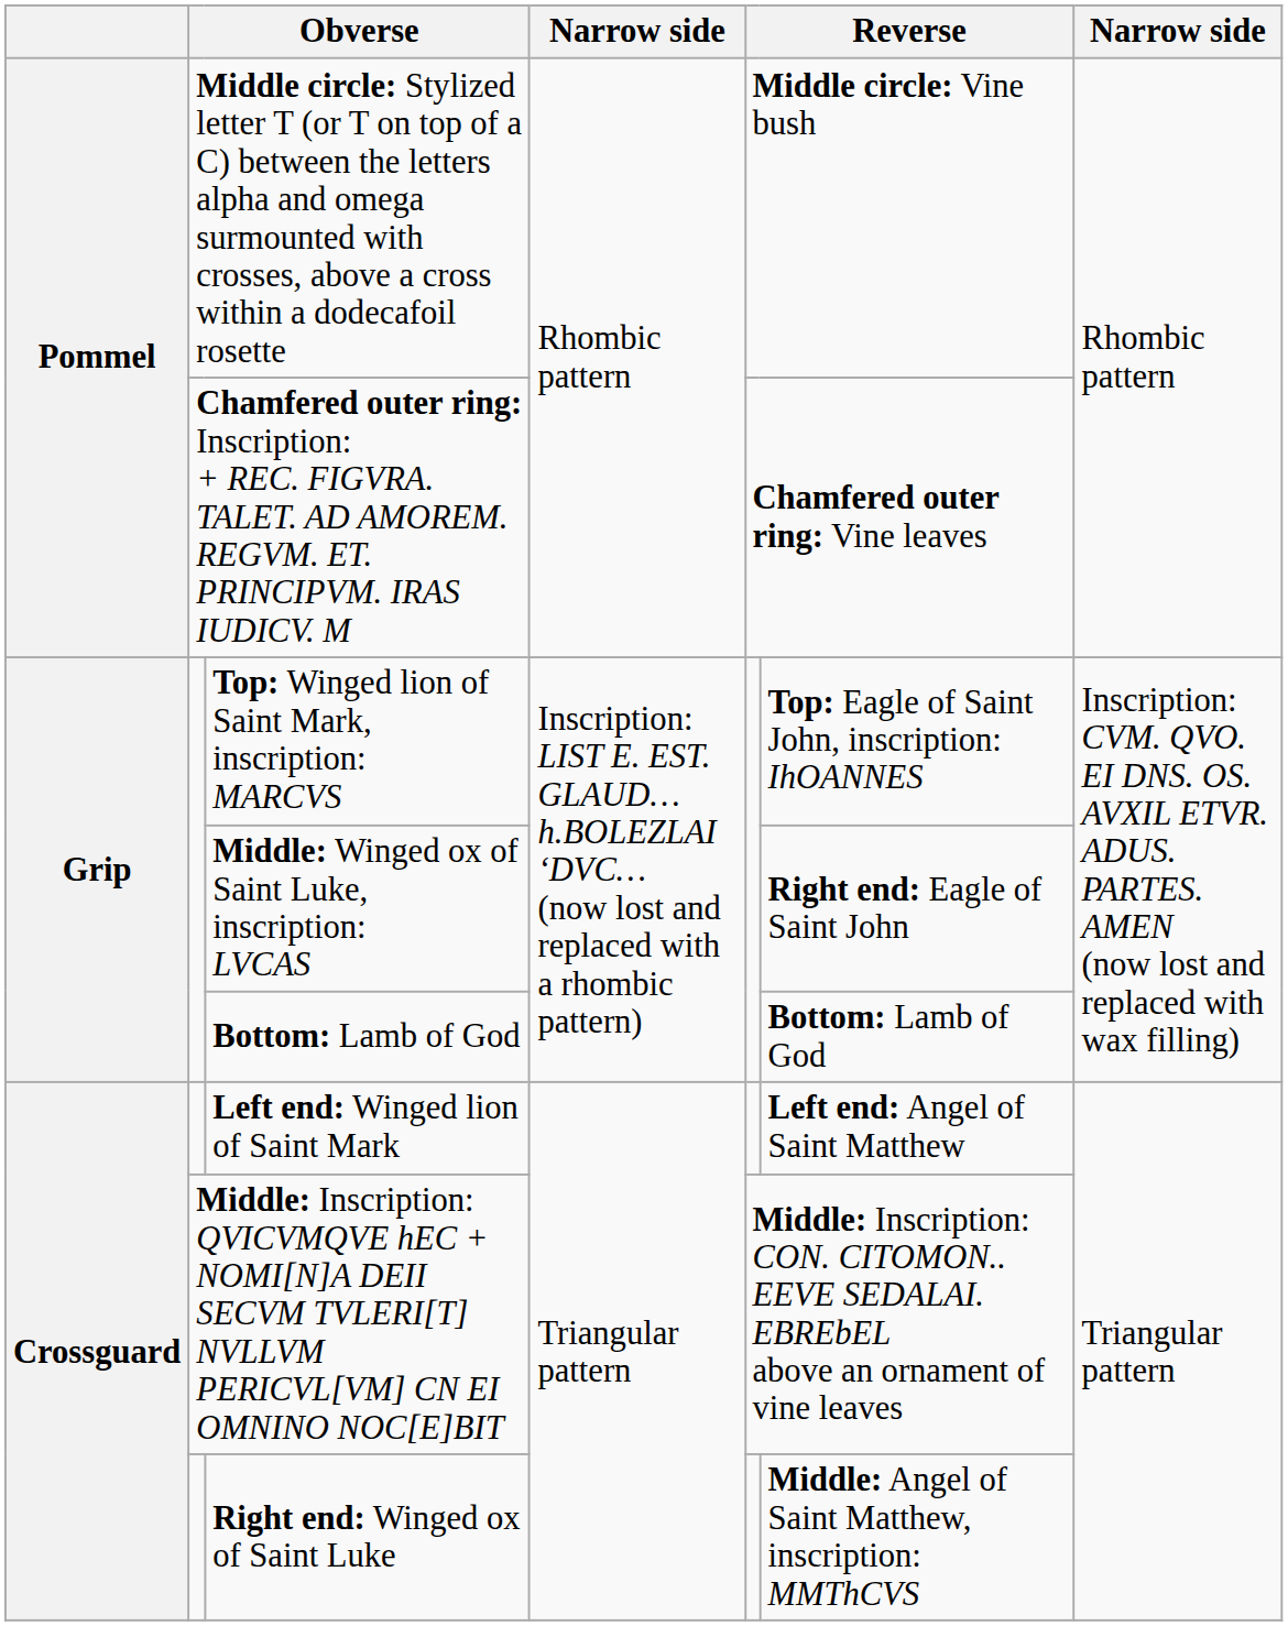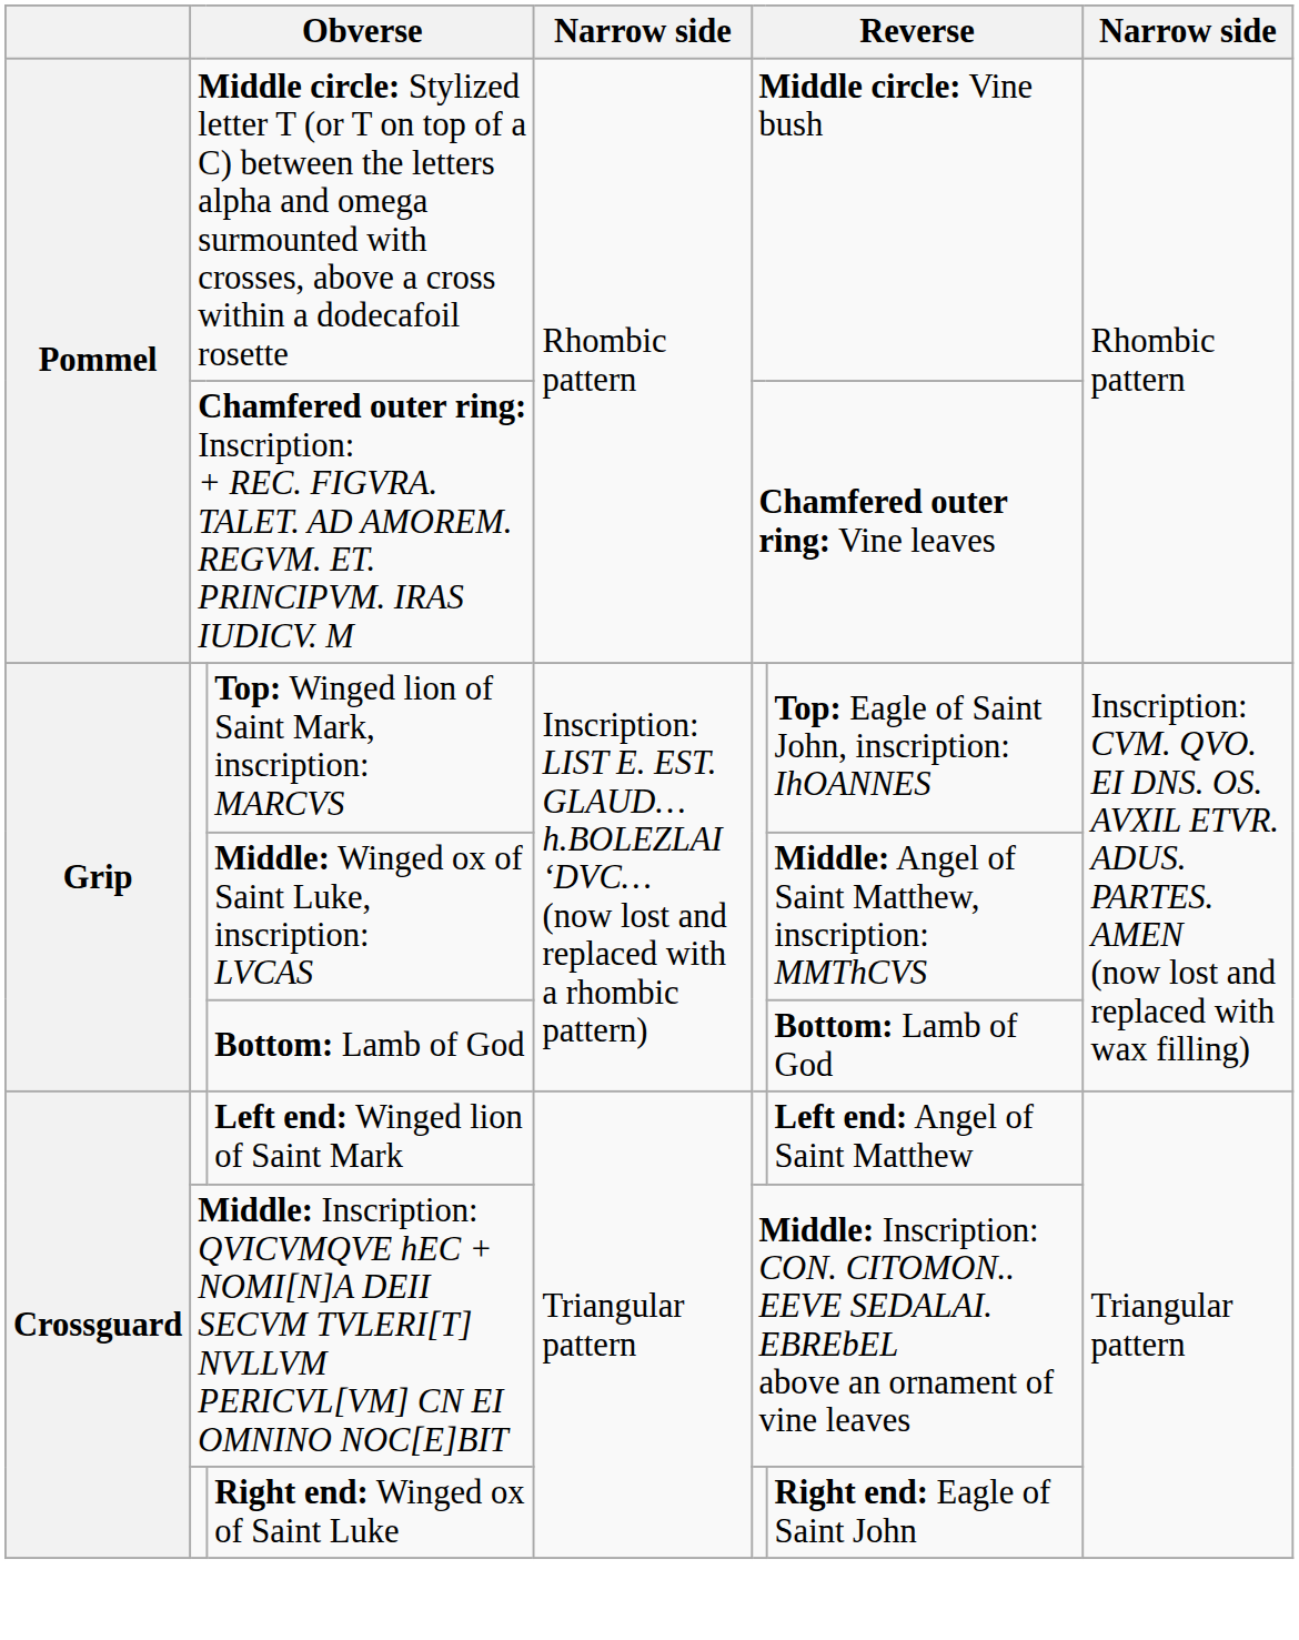 <table class="wikitable">
 <tr>
 <th width="5%"></th>
 <th width="30%" colspan=2>Obverse</th>
 <th width="17.5%">Narrow side</th>
 <th width="30%" colspan=2>Reverse</th>
 <th width="17.5%">Narrow side</th>
 </tr>
 <tr>
 <th rowspan=2>Pommel</th>
 <td colspan=2> <strong>Middle circle:</strong> Stylized letter T (or T on top of a C) between the letters alpha and omega surmounted with crosses, above a cross within a dodecafoil rosette</td>
 <td rowspan=2>Rhombic pattern</td>
 <td colspan=2  valign=top> <strong>Middle circle:</strong> Vine bush</td>
 <td rowspan=2>Rhombic pattern</td>
 </tr>
 <tr>
 <td colspan=2><strong>Chamfered outer ring:</strong> Inscription:<br><em>+ REC. FIGVRA. TALET. AD AMOREM. REGVM. ET. PRINCIPVM. IRAS IUDICV. M</em></td>
 <td colspan=2><strong>Chamfered outer ring:</strong> Vine leaves</td>
 </tr>
 <tr>
 <th rowspan=3>Grip</th>
 <td rowspan=3></td>
 <td style="height: 66px;"><strong>Top:</strong> Winged lion of Saint Mark, inscription:<br><em>MARCVS</em></td>
 <td rowspan=3>Inscription:<br><em>LIST E. EST. GLAUD… h.BOLEZLAI ‘DVC…</em><br>(now lost and replaced with a rhombic pattern)</td>
 <td rowspan=3></td>
 <td><strong>Top:</strong> Eagle of Saint John, inscription:<br><em>IhOANNES</em></td>
 <td rowspan=3>Inscription:<br><em>CVM. QVO. EI DNS. OS. AVXIL ETVR. ADUS. PARTES. AMEN</em><br>(now lost and replaced with wax filling)</td>
 </tr>
 <tr>
 <td style="height: 65px;"><strong>Middle:</strong> Winged ox of Saint Luke, inscription:<br><em>LVCAS</em></td>
-<td><strong>Right end:</strong> Eagle of Saint John</td>
+<td><strong>Middle:</strong> Angel of Saint Matthew, inscription:<br><em>MMThCVS</em></td>
 </tr>
 <tr>
 <td><strong>Bottom:</strong> Lamb of God</td>
 <td><strong>Bottom:</strong> Lamb of God</td>
 </tr>
 <tr>
 <th rowspan=3>Crossguard</th>
 <td></td>
 <td><strong>Left end:</strong> Winged lion of Saint Mark</td>
 <td rowspan=3>Triangular pattern</td>
 <td></td>
 <td><strong>Left end:</strong> Angel of Saint Matthew</td>
 <td rowspan=3>Triangular pattern</td>
 </tr>
 <tr>
 <td colspan=2> <strong>Middle:</strong> Inscription:<br><em>QVICVMQVE hEC + NOMI[N]A DEII SECVM TVLERI[T] NVLLVM PERICVL[VM] CN EI OMNINO NOC[E]BIT</em></td>
 <td colspan=2> <strong>Middle:</strong> Inscription:<br><em>CON. CITOMON.. EEVE SEDALAI. EBREbEL</em><br>above an ornament of vine leaves</td>
 </tr>
 <tr>
 <td></td>
 <td><strong>Right end:</strong> Winged ox of Saint Luke</td>
 <td></td>
-<td><strong>Middle:</strong> Angel of Saint Matthew, inscription:<br><em>MMThCVS</em></td>
+<td><strong>Right end:</strong> Eagle of Saint John</td>
 </tr>
 </table>
